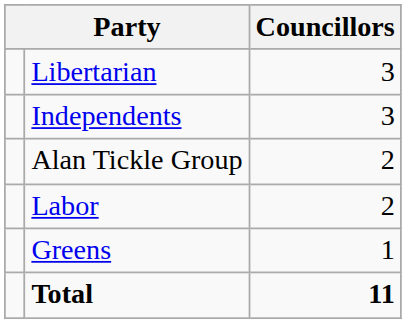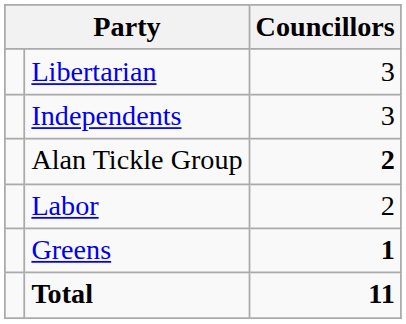 <table class="wikitable">
 <tr>
 <th colspan="2">Party</th>
 <th>Councillors</th>
 </tr>
 <tr>
 <td> </td>
 <td><a href='#'>Libertarian</a></td>
 <td align=right>3</td>
 </tr>
 <tr>
 <td> </td>
 <td><a href='#'>Independents</a></td>
 <td align=right>3</td>
 </tr>
 <tr>
 <td> </td>
 <td>Alan Tickle Group</td>
-<td align=right>2</td>
+<td align=right><strong>2</strong></td>
 </tr>
 <tr>
 <td> </td>
 <td><a href='#'>Labor</a></td>
 <td align=right>2</td>
 </tr>
 <tr>
 <td> </td>
 <td><a href='#'>Greens</a></td>
-<td align=right>1</td>
+<td align=right><strong>1</strong></td>
 </tr>
 <tr>
 <td></td>
 <td><strong>Total</strong></td>
 <td align=right><strong>11</strong></td>
 </tr>
 </table>
